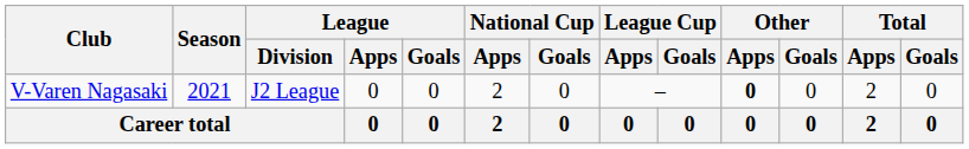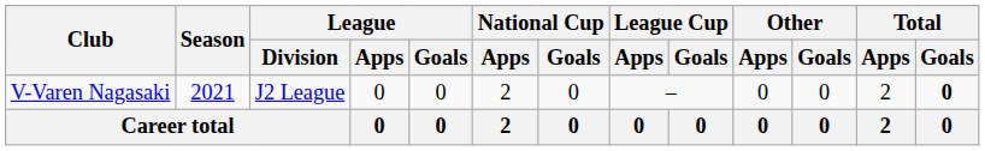 <table class="wikitable" style="text-align: center">
 <tr>
 <th rowspan="2">Club</th>
 <th rowspan="2">Season</th>
 <th colspan="3">League</th>
 <th colspan="2">National Cup</th>
 <th colspan="2">League Cup</th>
 <th colspan="2">Other</th>
 <th colspan="2">Total</th>
 </tr>
 <tr>
 <th>Division</th>
 <th>Apps</th>
 <th>Goals</th>
 <th>Apps</th>
 <th>Goals</th>
 <th>Apps</th>
 <th>Goals</th>
 <th>Apps</th>
 <th>Goals</th>
 <th>Apps</th>
 <th>Goals</th>
 </tr>
 <tr>
 <td><a href='#'>V-Varen Nagasaki</a></td>
 <td><a href='#'>2021</a></td>
 <td><a href='#'>J2 League</a></td>
 <td>0</td>
 <td>0</td>
 <td>2</td>
 <td>0</td>
 <td colspan="2">–</td>
-<td><strong>0</strong></td>
+<td>0</td>
 <td>0</td>
 <td>2</td>
-<td>0</td>
+<td><strong>0</strong></td>
 </tr>
 <tr>
 <th colspan=3>Career total</th>
 <th>0</th>
 <th>0</th>
 <th>2</th>
 <th>0</th>
 <th>0</th>
 <th>0</th>
 <th>0</th>
 <th>0</th>
 <th>2</th>
 <th>0</th>
 </tr>
 </table>
